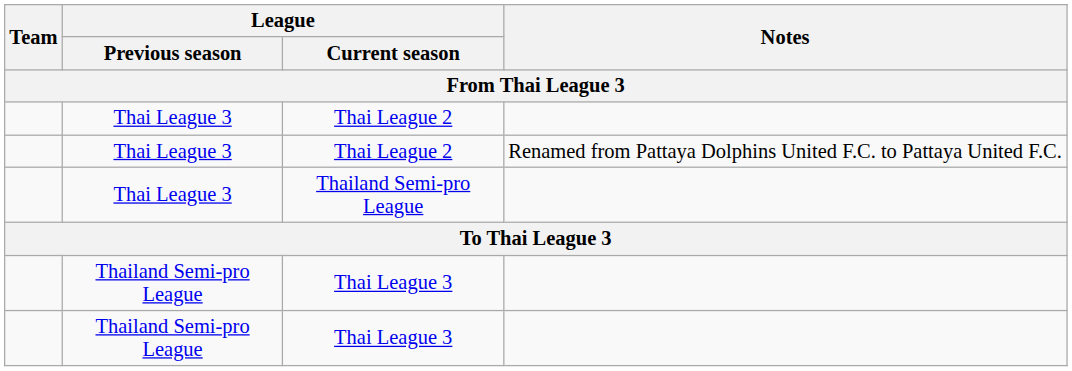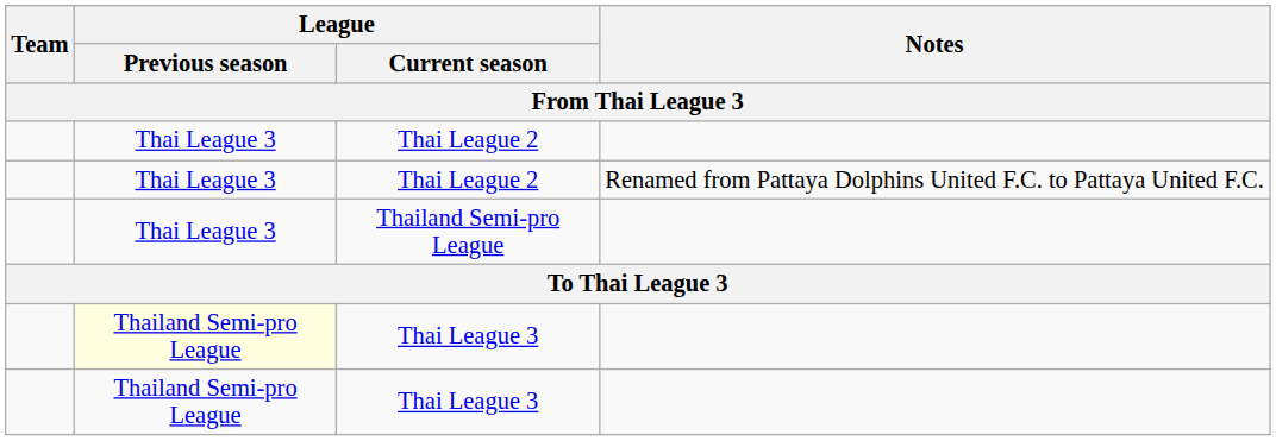 <table class="wikitable" style="text-align:center">
 <tr>
 <th rowspan=2>Team</th>
 <th colspan=2>League</th>
 <th rowspan=2>Notes</th>
 </tr>
 <tr>
 <th width="165">Previous season</th>
 <th width="165">Current season</th>
 </tr>
 <tr>
 <th colspan=4>From Thai League 3</th>
 </tr>
 <tr>
 <td align="left"></td>
 <td><a href='#'>Thai League 3</a></td>
 <td><a href='#'>Thai League 2</a></td>
 <td></td>
 </tr>
 <tr>
 <td align="left"></td>
 <td><a href='#'>Thai League 3</a></td>
 <td><a href='#'>Thai League 2</a></td>
 <td>Renamed from Pattaya Dolphins United F.C. to Pattaya United F.C.</td>
 </tr>
 <tr>
 <td align="left"></td>
 <td><a href='#'>Thai League 3</a></td>
 <td><a href='#'>Thailand Semi-pro League</a></td>
 <td></td>
 </tr>
 <tr>
 <th colspan=4>To Thai League 3</th>
 </tr>
 <tr>
 <td align="left"></td>
-<td><a href='#'>Thailand Semi-pro League</a></td>
+<td style="background: lightyellow;"><a href='#'>Thailand Semi-pro League</a></td>
 <td><a href='#'>Thai League 3</a></td>
 <td></td>
 </tr>
 <tr>
 <td align="left"></td>
 <td><a href='#'>Thailand Semi-pro League</a></td>
 <td><a href='#'>Thai League 3</a></td>
 <td></td>
 </tr>
 </table>
